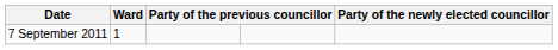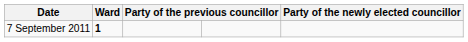 <table class="wikitable">
 <tr>
 <th>Date</th>
 <th>Ward</th>
 <th colspan=2>Party of the previous councillor</th>
 <th colspan=2>Party of the newly elected councillor</th>
 </tr>
 <tr>
 <td>7 September 2011</td>
-<td>1</td>
+<td><strong>1</strong></td>
 <td></td>
 <td></td>
 </tr>
 </table>
